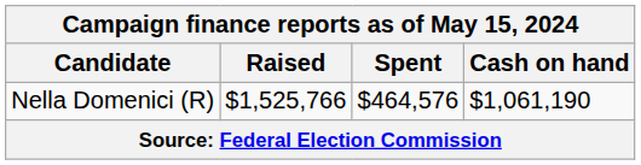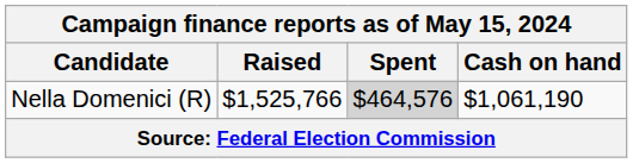 <table class="wikitable sortable">
 <tr>
 <th colspan=4>Campaign finance reports as of May 15, 2024</th>
 </tr>
 <tr style="text-align:center;">
 <th>Candidate</th>
 <th>Raised</th>
 <th>Spent</th>
 <th>Cash on hand</th>
 </tr>
 <tr>
 <td>Nella Domenici (R)</td>
 <td>$1,525,766</td>
-<td>$464,576</td>
+<td style="background: lightgrey;">$464,576</td>
 <td>$1,061,190</td>
 </tr>
 <tr>
 <th colspan="4"><small>Source: <a href='#'>Federal Election Commission</a></small></th>
 </tr>
 </table>
